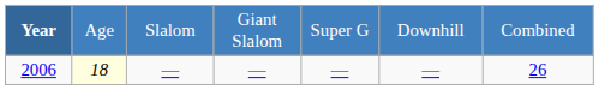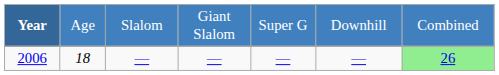 <table class="wikitable" style="font-size:95%; text-align:center; border:grey solid 1px; border-collapse:collapse;" width="40%">
 <tr style="background-color:#369; color:white;">
 <td rowspan="2" colspan="1" width="4%"><strong>Year</strong></td>
 </tr>
 <tr style="background-color:#4180be; color:white;">
 <td width="3%">Age</td>
 <td width="5%">Slalom</td>
 <td width="5%">Giant<br>Slalom</td>
 <td width="5%">Super G</td>
 <td width="5%">Downhill</td>
 <td width="5%">Combined</td>
 </tr>
 <tr style="background-color:#8CB2D8; color:white;">
 </tr>
 <tr>
 <td><a href='#'>2006</a></td>
-<td style="background: lightyellow;"><em>18</em></td>
+<td><em>18</em></td>
 <td><a href='#'>—</a></td>
 <td><a href='#'>—</a></td>
 <td><a href='#'>—</a></td>
 <td><a href='#'>—</a></td>
-<td><a href='#'>26</a></td>
+<td style="background: lightgreen;"><a href='#'>26</a></td>
 </tr>
 </table>
